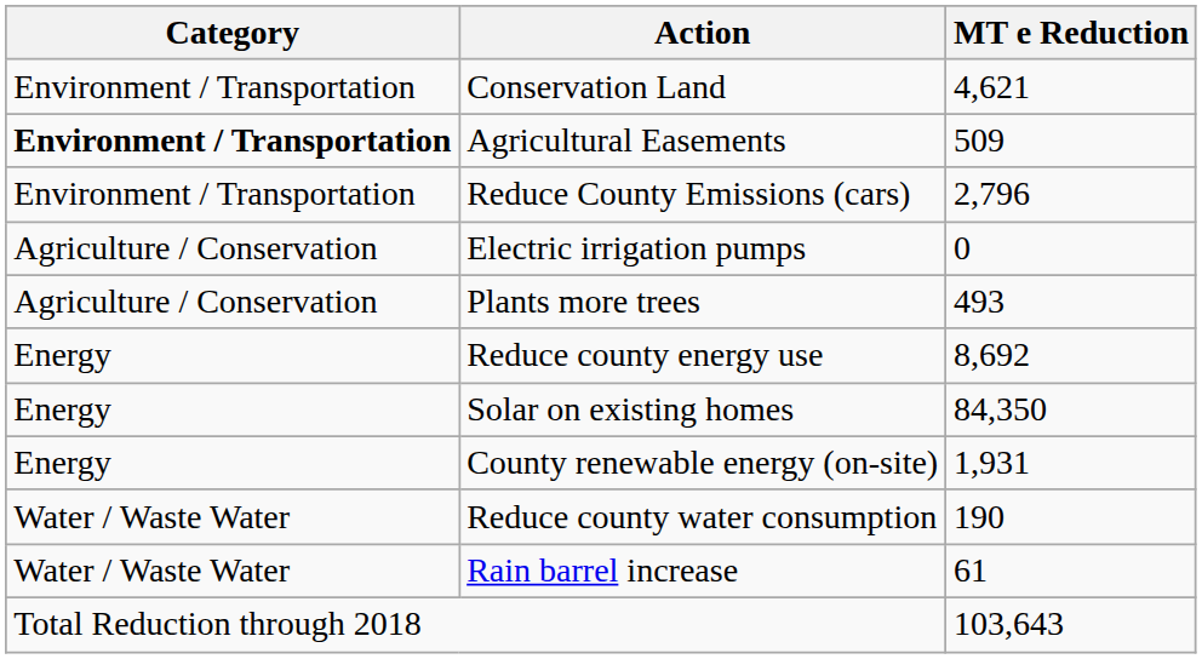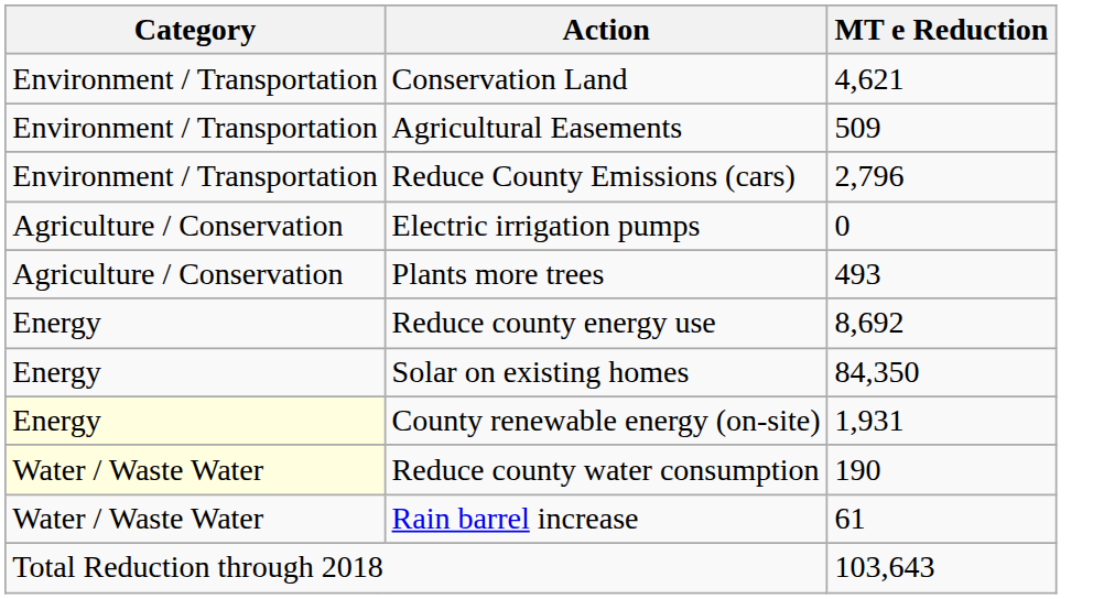 <table class="wikitable">
 <tr>
 <th>Category</th>
 <th>Action</th>
 <th><strong>MT e  Reduction</strong></th>
 </tr>
 <tr>
 <td>Environment / Transportation</td>
 <td>Conservation Land</td>
 <td>4,621</td>
 </tr>
 <tr>
-<td><strong>Environment / Transportation</strong></td>
+<td>Environment / Transportation</td>
 <td>Agricultural Easements</td>
 <td>509</td>
 </tr>
 <tr>
 <td>Environment / Transportation</td>
 <td>Reduce County Emissions (cars)</td>
 <td>2,796</td>
 </tr>
 <tr>
 <td>Agriculture / Conservation</td>
 <td>Electric irrigation pumps</td>
 <td>0</td>
 </tr>
 <tr>
 <td>Agriculture / Conservation</td>
 <td>Plants more trees</td>
 <td>493</td>
 </tr>
 <tr>
 <td>Energy</td>
 <td>Reduce county energy use</td>
 <td>8,692</td>
 </tr>
 <tr>
 <td>Energy</td>
 <td>Solar on existing homes</td>
 <td>84,350</td>
 </tr>
 <tr>
-<td>Energy</td>
+<td style="background: lightyellow;">Energy</td>
 <td>County renewable energy (on-site)</td>
 <td>1,931</td>
 </tr>
 <tr>
-<td>Water / Waste Water</td>
+<td style="background: lightyellow;">Water / Waste Water</td>
 <td>Reduce county water consumption</td>
 <td>190</td>
 </tr>
 <tr>
 <td>Water / Waste Water</td>
 <td><a href='#'>Rain barrel</a> increase</td>
 <td>61</td>
 </tr>
 <tr>
 <td colspan="2">Total Reduction through 2018</td>
 <td>103,643</td>
 </tr>
 </table>
